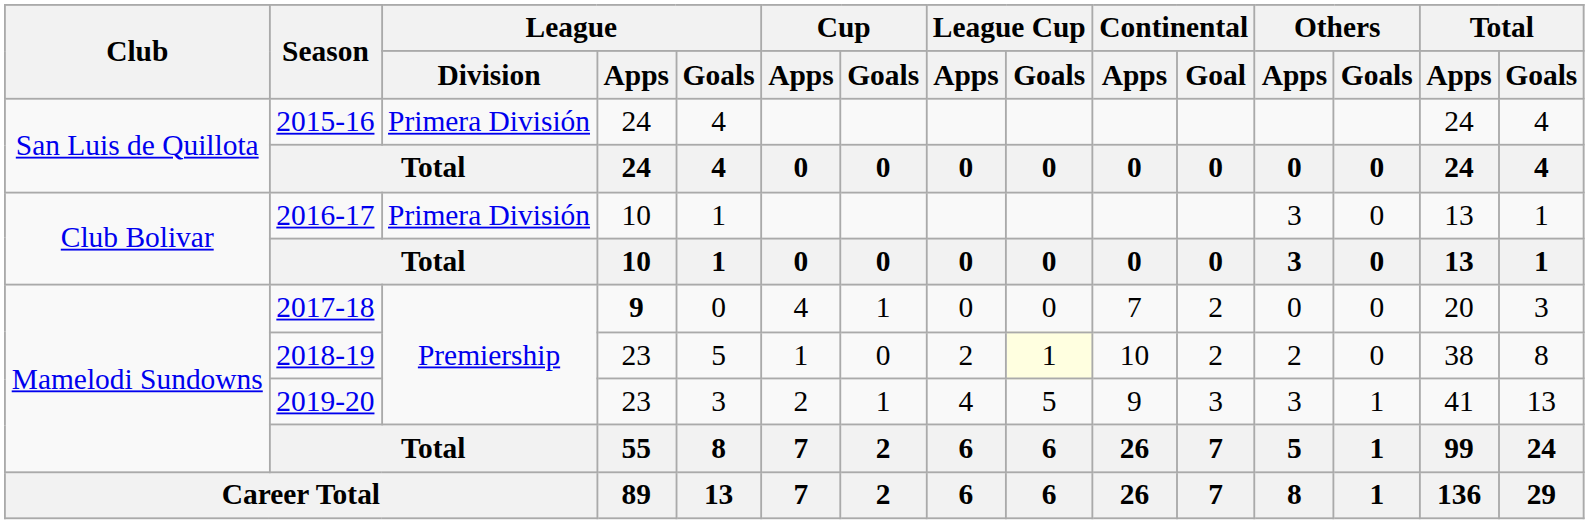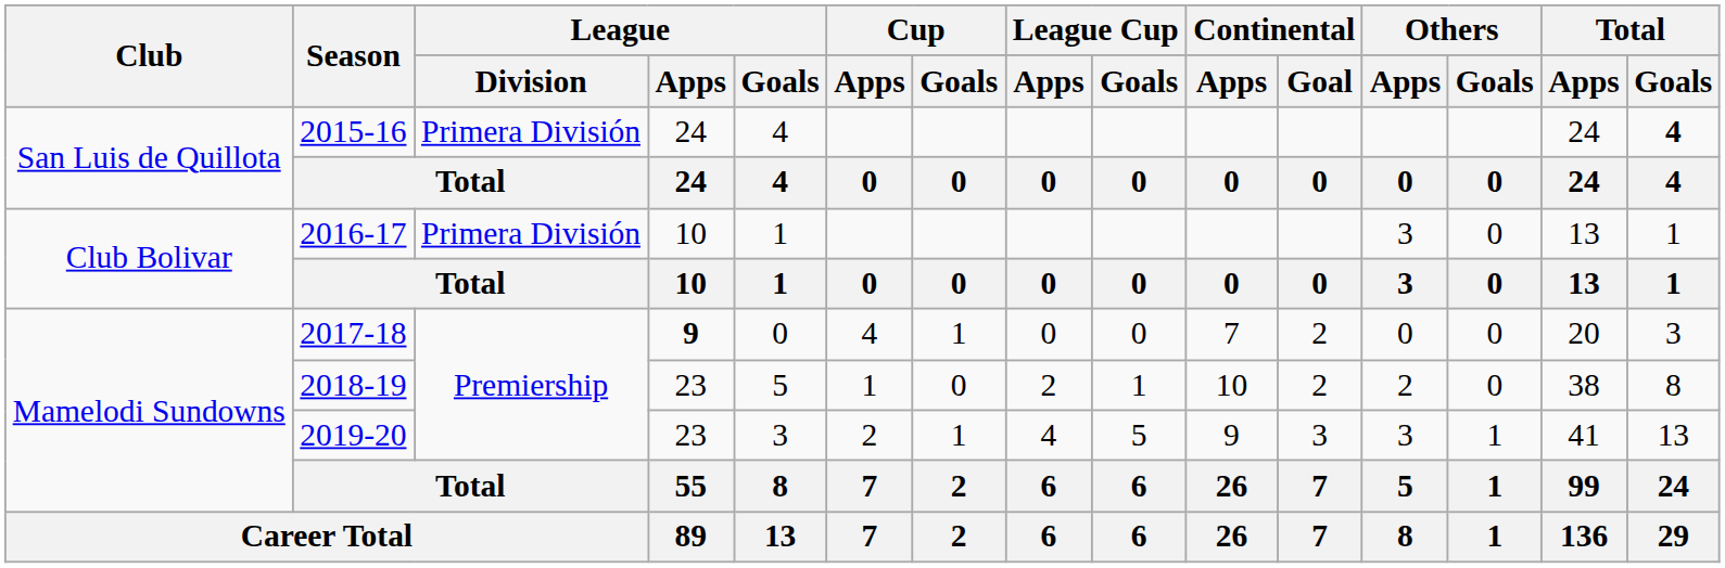 <table class="wikitable " style="text-align: center">
 <tr>
 <th rowspan="2">Club</th>
 <th rowspan="2">Season</th>
 <th colspan="3">League</th>
 <th colspan="2">Cup</th>
 <th colspan="2">League Cup</th>
 <th colspan="2">Continental</th>
 <th colspan="2">Others</th>
 <th colspan="2">Total</th>
 </tr>
 <tr>
 <th>Division</th>
 <th>Apps</th>
 <th>Goals</th>
 <th>Apps</th>
 <th>Goals</th>
 <th>Apps</th>
 <th>Goals</th>
 <th>Apps</th>
 <th>Goal</th>
 <th>Apps</th>
 <th>Goals</th>
 <th>Apps</th>
 <th>Goals</th>
 </tr>
 <tr>
 <td rowspan="2"><a href='#'>San Luis de Quillota</a></td>
 <td><a href='#'>2015-16</a></td>
 <td rowspan="1"><a href='#'>Primera División</a></td>
 <td>24</td>
 <td>4</td>
 <td></td>
 <td></td>
 <td></td>
 <td></td>
 <td></td>
 <td></td>
 <td></td>
 <td></td>
 <td>24</td>
-<td>4</td>
+<td><strong>4</strong></td>
 </tr>
 <tr>
 <th colspan="2">Total</th>
 <th>24</th>
 <th>4</th>
 <th>0</th>
 <th>0</th>
 <th>0</th>
 <th>0</th>
 <th>0</th>
 <th>0</th>
 <th>0</th>
 <th>0</th>
 <th>24</th>
 <th>4</th>
 </tr>
 <tr>
 <td rowspan="2"><a href='#'>Club Bolivar</a></td>
 <td><a href='#'>2016-17</a></td>
 <td><a href='#'>Primera División</a></td>
 <td>10</td>
 <td>1</td>
 <td></td>
 <td></td>
 <td></td>
 <td></td>
 <td></td>
 <td></td>
 <td>3</td>
 <td>0</td>
 <td>13</td>
 <td>1</td>
 </tr>
 <tr>
 <th colspan="2">Total</th>
 <th>10</th>
 <th>1</th>
 <th>0</th>
 <th>0</th>
 <th>0</th>
 <th>0</th>
 <th>0</th>
 <th>0</th>
 <th>3</th>
 <th>0</th>
 <th>13</th>
 <th>1</th>
 </tr>
 <tr>
 <td rowspan="4"><a href='#'>Mamelodi Sundowns</a></td>
 <td><a href='#'>2017-18</a></td>
 <td rowspan="3"><a href='#'>Premiership</a></td>
 <td><strong>9</strong></td>
 <td>0</td>
 <td>4</td>
 <td>1</td>
 <td>0</td>
 <td>0</td>
 <td>7</td>
 <td>2</td>
 <td>0</td>
 <td>0</td>
 <td>20</td>
 <td>3</td>
 </tr>
 <tr>
 <td><a href='#'>2018-19</a></td>
 <td>23</td>
 <td>5</td>
 <td>1</td>
 <td>0</td>
 <td>2</td>
-<td style="background: lightyellow;">1</td>
+<td>1</td>
 <td>10</td>
 <td>2</td>
 <td>2</td>
 <td>0</td>
 <td>38</td>
 <td>8</td>
 </tr>
 <tr>
 <td><a href='#'>2019-20</a></td>
 <td>23</td>
 <td>3</td>
 <td>2</td>
 <td>1</td>
 <td>4</td>
 <td>5</td>
 <td>9</td>
 <td>3</td>
 <td>3</td>
 <td>1</td>
 <td>41</td>
 <td>13</td>
 </tr>
 <tr>
 <th colspan="2">Total</th>
 <th>55</th>
 <th>8</th>
 <th>7</th>
 <th>2</th>
 <th>6</th>
 <th>6</th>
 <th>26</th>
 <th>7</th>
 <th>5</th>
 <th>1</th>
 <th>99</th>
 <th>24</th>
 </tr>
 <tr>
 <th colspan="3">Career Total</th>
 <th>89</th>
 <th>13</th>
 <th>7</th>
 <th>2</th>
 <th>6</th>
 <th>6</th>
 <th>26</th>
 <th>7</th>
 <th>8</th>
 <th>1</th>
 <th>136</th>
 <th>29</th>
 </tr>
 </table>
